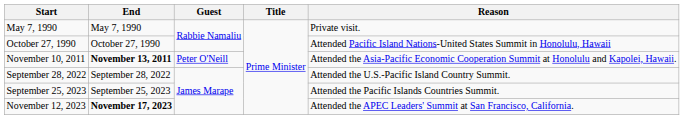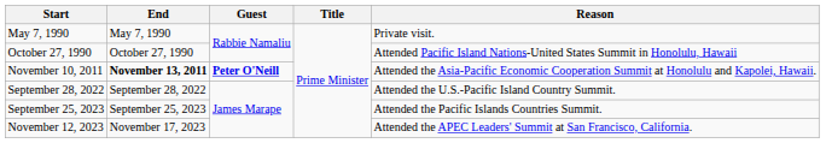 <table class="wikitable sortable">
 <tr>
 <th>Start</th>
 <th>End</th>
 <th>Guest</th>
 <th>Title</th>
 <th>Reason</th>
 </tr>
 <tr>
 <td>May 7, 1990</td>
 <td>May 7, 1990</td>
 <td rowspan=2><a href='#'>Rabbie Namaliu</a></td>
 <td rowspan=6><a href='#'>Prime Minister</a></td>
 <td>Private visit.</td>
 </tr>
 <tr>
 <td>October 27, 1990</td>
 <td>October 27, 1990</td>
 <td>Attended <a href='#'>Pacific Island Nations</a>-United States Summit in <a href='#'>Honolulu, Hawaii</a></td>
 </tr>
 <tr>
 <td>November 10, 2011</td>
 <td><strong>November 13, 2011</strong></td>
-<td><a href='#'>Peter O'Neill</a></td>
+<td><strong><a href='#'>Peter O'Neill</a></strong></td>
 <td>Attended the <a href='#'>Asia-Pacific Economic Cooperation Summit</a> at <a href='#'>Honolulu</a> and <a href='#'>Kapolei, Hawaii</a>.</td>
 </tr>
 <tr>
 <td>September 28, 2022</td>
 <td>September 28, 2022</td>
 <td rowspan=3><a href='#'>James Marape</a></td>
 <td>Attended the U.S.-Pacific Island Country Summit.</td>
 </tr>
 <tr>
 <td>September 25, 2023</td>
 <td>September 25, 2023</td>
 <td>Attended the Pacific Islands Countries Summit.</td>
 </tr>
 <tr>
 <td>November 12, 2023</td>
-<td><strong>November 17, 2023</strong></td>
+<td>November 17, 2023</td>
 <td>Attended the <a href='#'>APEC Leaders' Summit</a> at <a href='#'>San Francisco, California</a>.</td>
 </tr>
 </table>
